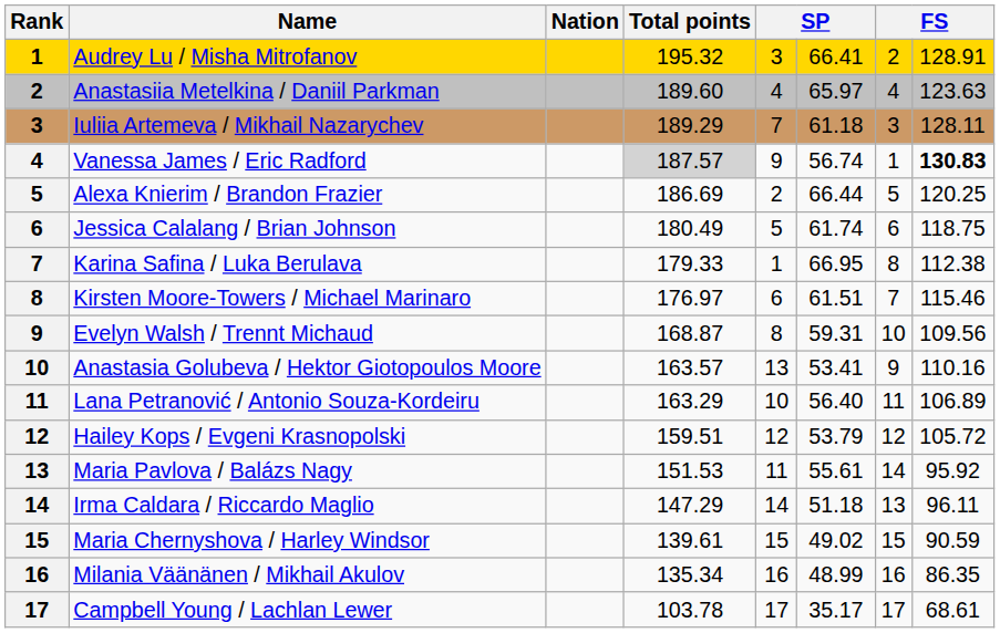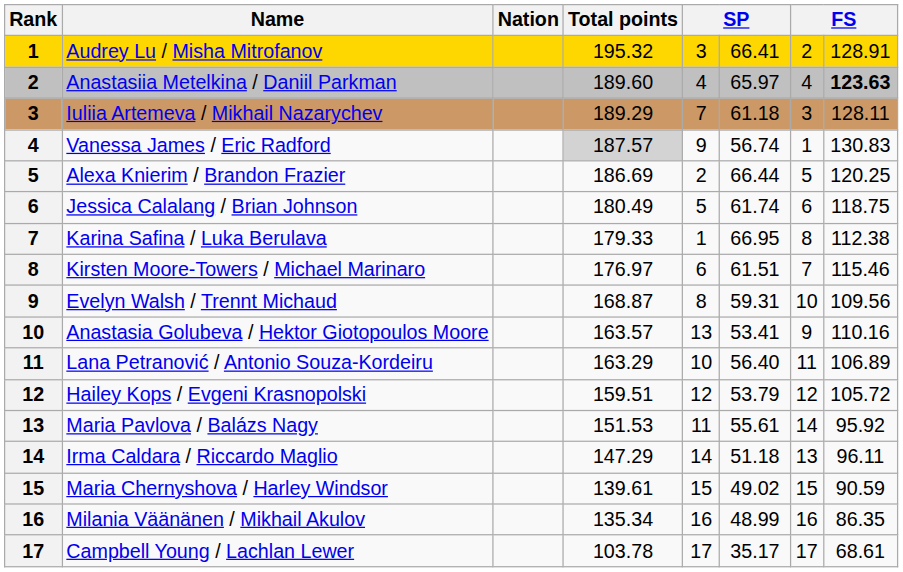 <table class="wikitable sortable">
 <tr>
 <th>Rank</th>
 <th>Name</th>
 <th>Nation</th>
 <th>Total points</th>
 <th colspan="2" width="80px"><a href='#'>SP</a></th>
 <th colspan="2" width="80px"><a href='#'>FS</a></th>
 </tr>
 <tr bgcolor="gold">
 <td align="center"><strong>1</strong></td>
 <td><a href='#'>Audrey Lu</a> / <a href='#'>Misha Mitrofanov</a></td>
 <td></td>
 <td align="center">195.32</td>
 <td align="center">3</td>
 <td align="center">66.41</td>
 <td align="center">2</td>
 <td align="center">128.91</td>
 </tr>
 <tr bgcolor="silver">
 <td align="center"><strong>2</strong></td>
 <td><a href='#'>Anastasiia Metelkina</a> / <a href='#'>Daniil Parkman</a></td>
 <td></td>
 <td align="center">189.60</td>
 <td align="center">4</td>
 <td align="center">65.97</td>
 <td align="center">4</td>
-<td align="center">123.63</td>
+<td align="center"><strong>123.63</strong></td>
 </tr>
 <tr bgcolor="cc9966">
 <td align="center"><strong>3</strong></td>
 <td><a href='#'>Iuliia Artemeva</a> / <a href='#'>Mikhail Nazarychev</a></td>
 <td></td>
 <td align="center">189.29</td>
 <td align="center">7</td>
 <td align="center">61.18</td>
 <td align="center">3</td>
 <td align="center">128.11</td>
 </tr>
 <tr>
 <th>4</th>
 <td><a href='#'>Vanessa James</a> / <a href='#'>Eric Radford</a></td>
 <td></td>
 <td align="center" style="background: lightgrey;">187.57</td>
 <td align="center">9</td>
 <td align="center">56.74</td>
 <td align="center">1</td>
-<td align="center"><strong>130.83</strong></td>
+<td align="center">130.83</td>
 </tr>
 <tr>
 <th>5</th>
 <td><a href='#'>Alexa Knierim</a> / <a href='#'>Brandon Frazier</a></td>
 <td></td>
 <td align="center">186.69</td>
 <td align="center">2</td>
 <td align="center">66.44</td>
 <td align="center">5</td>
 <td align="center">120.25</td>
 </tr>
 <tr>
 <th>6</th>
 <td><a href='#'>Jessica Calalang</a> / <a href='#'>Brian Johnson</a></td>
 <td></td>
 <td align="center">180.49</td>
 <td align="center">5</td>
 <td align="center">61.74</td>
 <td align="center">6</td>
 <td align="center">118.75</td>
 </tr>
 <tr>
 <th>7</th>
 <td><a href='#'>Karina Safina</a> / <a href='#'>Luka Berulava</a></td>
 <td></td>
 <td align="center">179.33</td>
 <td align="center">1</td>
 <td align="center">66.95</td>
 <td align="center">8</td>
 <td align="center">112.38</td>
 </tr>
 <tr>
 <th>8</th>
 <td><a href='#'>Kirsten Moore-Towers</a> / <a href='#'>Michael Marinaro</a></td>
 <td></td>
 <td align="center">176.97</td>
 <td align="center">6</td>
 <td align="center">61.51</td>
 <td align="center">7</td>
 <td align="center">115.46</td>
 </tr>
 <tr>
 <th>9</th>
 <td><a href='#'>Evelyn Walsh</a> / <a href='#'>Trennt Michaud</a></td>
 <td></td>
 <td align="center">168.87</td>
 <td align="center">8</td>
 <td align="center">59.31</td>
 <td align="center">10</td>
 <td align="center">109.56</td>
 </tr>
 <tr>
 <th>10</th>
 <td><a href='#'>Anastasia Golubeva</a> / <a href='#'>Hektor Giotopoulos Moore</a></td>
 <td></td>
 <td align="center">163.57</td>
 <td align="center">13</td>
 <td align="center">53.41</td>
 <td align="center">9</td>
 <td align="center">110.16</td>
 </tr>
 <tr>
 <th>11</th>
 <td><a href='#'>Lana Petranović</a> / <a href='#'>Antonio Souza-Kordeiru</a></td>
 <td></td>
 <td align="center">163.29</td>
 <td align="center">10</td>
 <td align="center">56.40</td>
 <td align="center">11</td>
 <td align="center">106.89</td>
 </tr>
 <tr>
 <th>12</th>
 <td><a href='#'>Hailey Kops</a> / <a href='#'>Evgeni Krasnopolski</a></td>
 <td></td>
 <td align="center">159.51</td>
 <td align="center">12</td>
 <td align="center">53.79</td>
 <td align="center">12</td>
 <td align="center">105.72</td>
 </tr>
 <tr>
 <th>13</th>
 <td><a href='#'>Maria Pavlova</a> / <a href='#'>Balázs Nagy</a></td>
 <td></td>
 <td align="center">151.53</td>
 <td align="center">11</td>
 <td align="center">55.61</td>
 <td align="center">14</td>
 <td align="center">95.92</td>
 </tr>
 <tr>
 <th>14</th>
 <td><a href='#'>Irma Caldara</a> / <a href='#'>Riccardo Maglio</a></td>
 <td></td>
 <td align="center">147.29</td>
 <td align="center">14</td>
 <td align="center">51.18</td>
 <td align="center">13</td>
 <td align="center">96.11</td>
 </tr>
 <tr>
 <th>15</th>
 <td><a href='#'>Maria Chernyshova</a> / <a href='#'>Harley Windsor</a></td>
 <td></td>
 <td align="center">139.61</td>
 <td align="center">15</td>
 <td align="center">49.02</td>
 <td align="center">15</td>
 <td align="center">90.59</td>
 </tr>
 <tr>
 <th>16</th>
 <td><a href='#'>Milania Väänänen</a> / <a href='#'>Mikhail Akulov</a></td>
 <td></td>
 <td align="center">135.34</td>
 <td align="center">16</td>
 <td align="center">48.99</td>
 <td align="center">16</td>
 <td align="center">86.35</td>
 </tr>
 <tr>
 <th>17</th>
 <td><a href='#'>Campbell Young</a> / <a href='#'>Lachlan Lewer</a></td>
 <td></td>
 <td align="center">103.78</td>
 <td align="center">17</td>
 <td align="center">35.17</td>
 <td align="center">17</td>
 <td align="center">68.61</td>
 </tr>
 </table>
